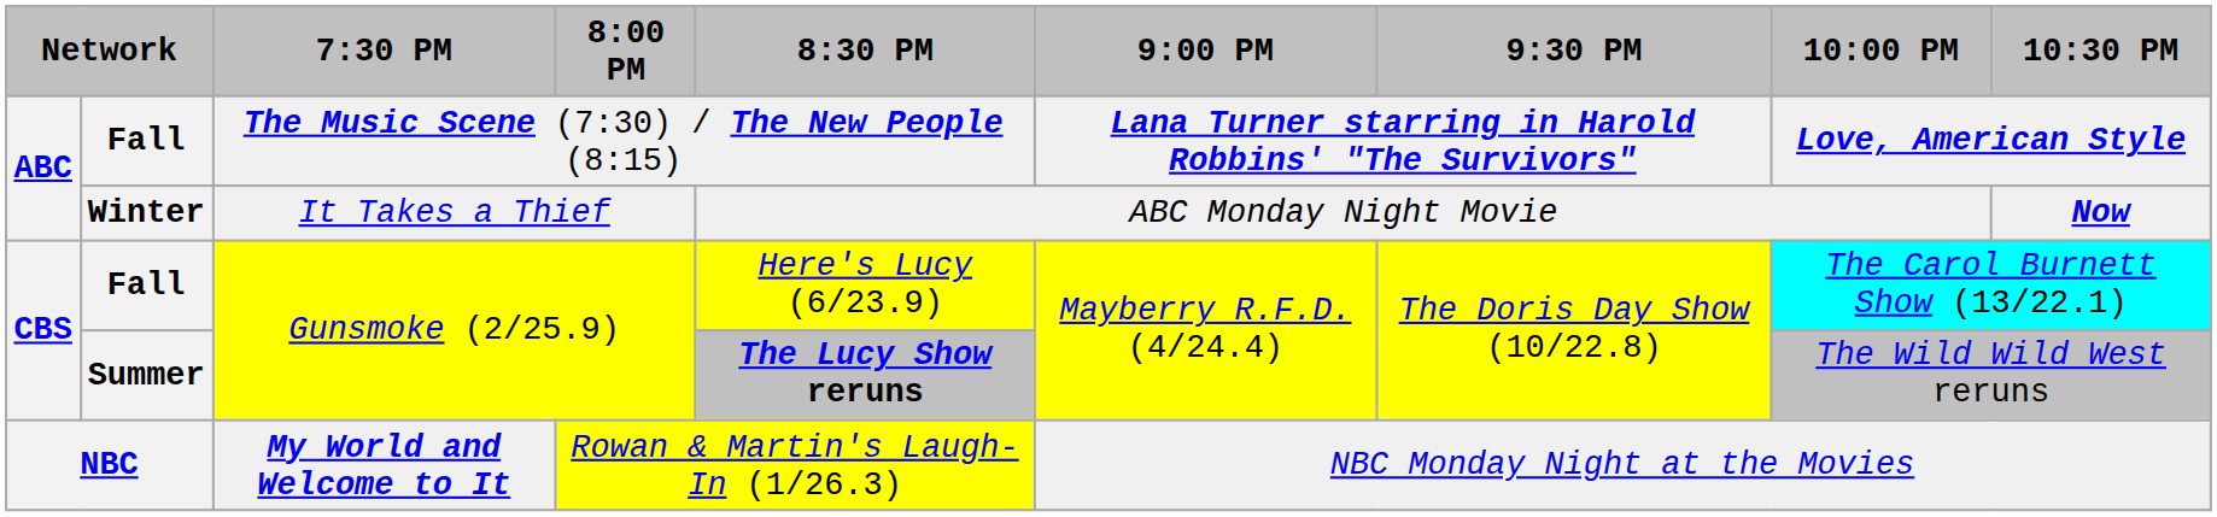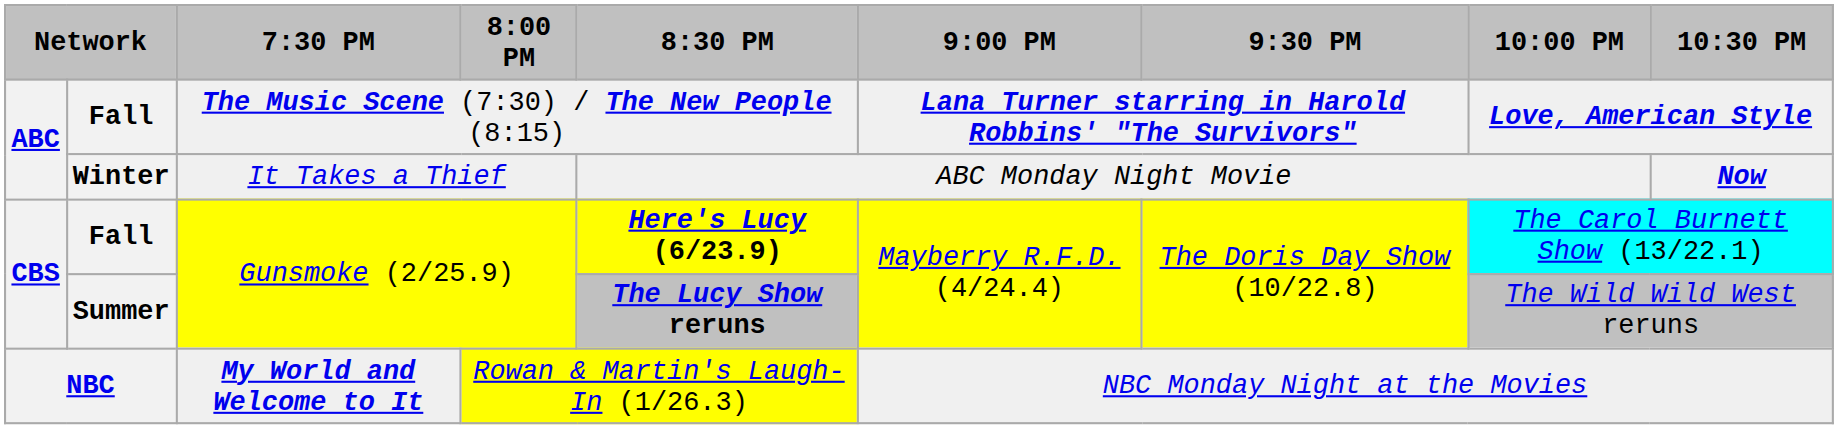 <table class="wikitable" style="width:100%;margin-right:0;text-align:center">
 <tr>
 <th colspan="2" style="background-color:#C0C0C0;text-align:center">Network</th>
 <th style="background-color:#C0C0C0;text-align:center">7:30 PM</th>
 <th style="background-color:#C0C0C0;text-align:center">8:00 PM</th>
 <th style="background-color:#C0C0C0;text-align:center">8:30 PM</th>
 <th style="background-color:#C0C0C0;text-align:center">9:00 PM</th>
 <th style="background-color:#C0C0C0;text-align:center">9:30 PM</th>
 <th style="background-color:#C0C0C0;text-align:center">10:00 PM</th>
 <th style="background-color:#C0C0C0;text-align:center">10:30 PM</th>
 </tr>
 <tr>
 <th rowspan="2"><a href='#'>ABC</a></th>
 <th>Fall</th>
 <td bgcolor="#F0F0F0" colspan="3"><strong><em><a href='#'>The Music Scene</a></em></strong> (7:30) / <strong><em><a href='#'>The New People</a></em></strong> (8:15)</td>
 <td bgcolor="#F0F0F0" colspan="2"><strong><em><a href='#'>Lana Turner starring in Harold Robbins' "The Survivors"</a></em></strong></td>
 <td bgcolor="#F0F0F0" colspan="2"><strong><em><a href='#'>Love, American Style</a></em></strong></td>
 </tr>
 <tr>
 <th>Winter</th>
 <td bgcolor="#F0F0F0" colspan="2"><em><a href='#'>It Takes a Thief</a></em></td>
 <td bgcolor="#F0F0F0" colspan="4"><em>ABC Monday Night Movie</em></td>
 <td bgcolor="#F0F0F0"><strong><em><a href='#'>Now</a></em></strong></td>
 </tr>
 <tr>
 <th rowspan="2"><a href='#'>CBS</a></th>
 <th>Fall</th>
 <td bgcolor="#FFFF00" colspan="2" rowspan="2"><em><a href='#'>Gunsmoke</a></em> (2/25.9)</td>
-<td bgcolor="#FFFF00"><em><a href='#'>Here's Lucy</a></em> (6/23.9)</td>
+<td bgcolor="#FFFF00"><strong><em><a href='#'>Here's Lucy</a></em> (6/23.9)</strong></td>
 <td bgcolor="#FFFF00" rowspan="2"><em><a href='#'>Mayberry R.F.D.</a></em> (4/24.4)</td>
 <td bgcolor="#FFFF00" rowspan="2"><em><a href='#'>The Doris Day Show</a></em> (10/22.8)</td>
 <td bgcolor="#00FFFF" colspan="2"><em><a href='#'>The Carol Burnett Show</a></em> (13/22.1)</td>
 </tr>
 <tr>
 <th>Summer</th>
 <td bgcolor="#C0C0C0"><strong><em><a href='#'>The Lucy Show</a></em> reruns</strong></td>
 <td bgcolor="#C0C0C0" colspan="2"><em><a href='#'>The Wild Wild West</a></em> reruns</td>
 </tr>
 <tr>
 <th colspan="2"><a href='#'>NBC</a></th>
 <td bgcolor="#F0F0F0"><strong><em><a href='#'>My World and Welcome to It</a></em></strong></td>
 <td bgcolor="#FFFF00" colspan="2"><em><a href='#'>Rowan & Martin's Laugh-In</a></em> (1/26.3)</td>
 <td bgcolor="#F0F0F0" colspan="4"><em><a href='#'>NBC Monday Night at the Movies</a></em></td>
 </tr>
 </table>
